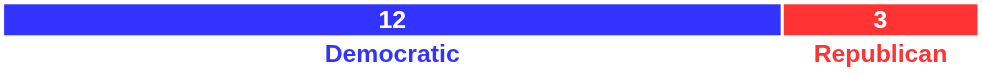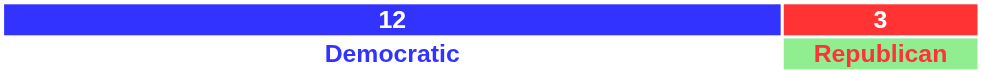 <table style="width:50%">
 <tr>
 <td scope="row" colspan="3" style="text-align:center"></td>
 </tr>
 <tr>
 <td scope="row" style="background:#33F; width:80%; text-align:center; color:white"><strong>12</strong></td>
 <td style="background:#F33; width:20%; text-align:center; color:white"><strong>3</strong></td>
 </tr>
 <tr>
 <td scope="row" style="text-align:center; color:#33F"><strong>Democratic</strong></td>
-<td style="text-align:center; color:#F33"><strong>Republican</strong></td>
+<td style="background: lightgreen; text-align:center; color:#F33"><strong>Republican</strong></td>
 </tr>
 </table>
